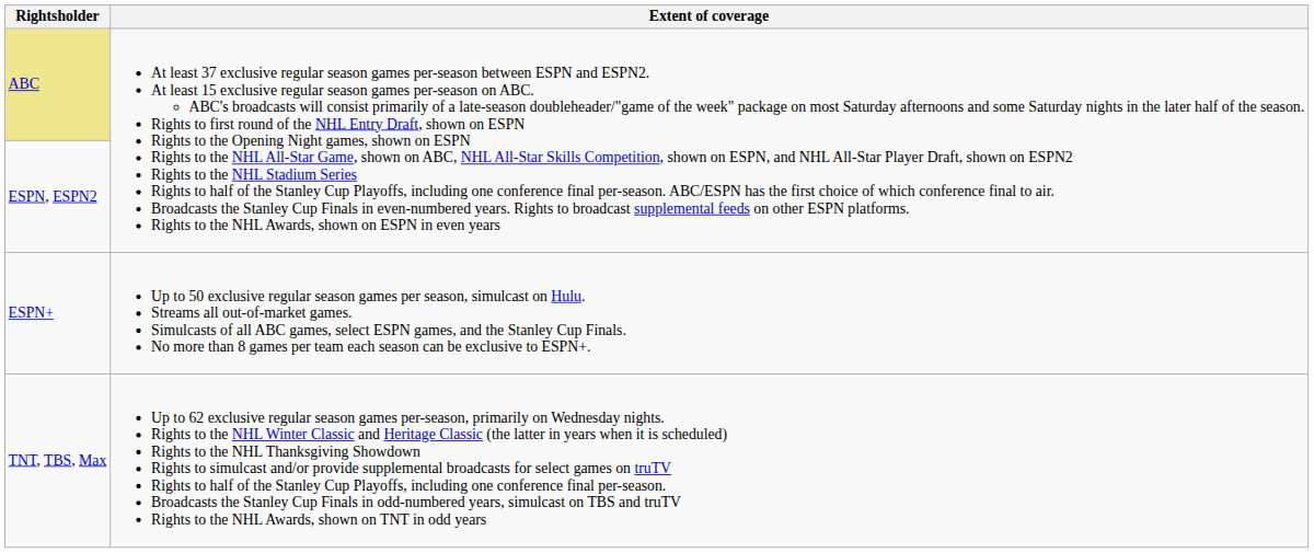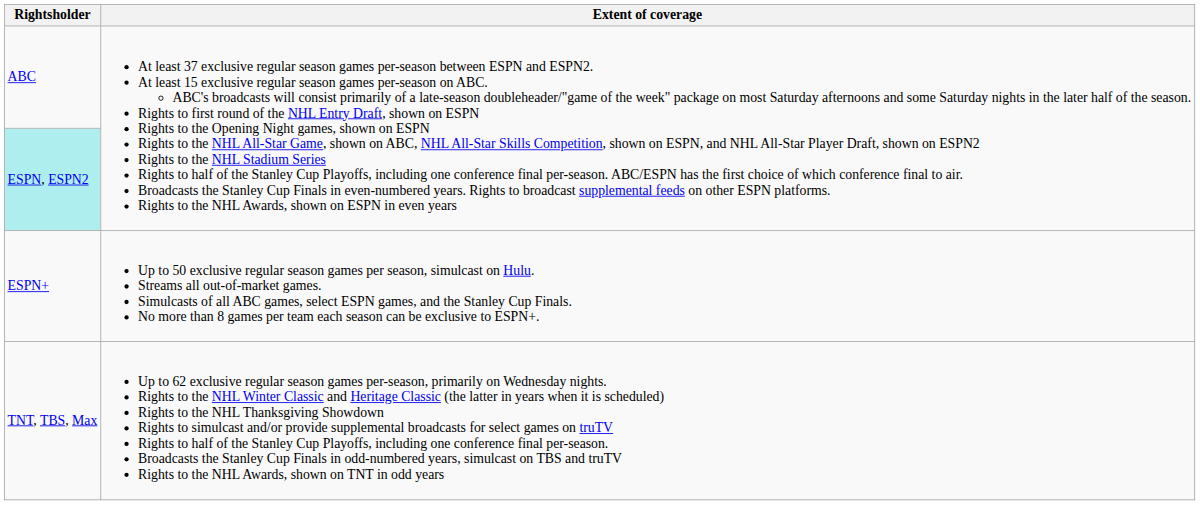 <table class="wikitable">
 <tr>
 <th>Rightsholder</th>
 <th>Extent of coverage</th>
 </tr>
 <tr>
-<td style="background: khaki;"><a href='#'>ABC</a></td>
+<td><a href='#'>ABC</a></td>
 <td rowspan="2"><br><ul><li>At least 37 exclusive regular season games per-season between ESPN and ESPN2.</li><li>At least 15 exclusive regular season games per-season on ABC.<ul><li>ABC's broadcasts will consist primarily of a late-season doubleheader/"game of the week" package on most Saturday afternoons and some Saturday nights in the later half of the season.</li></ul></li><li>Rights to first round of the <a href='#'>NHL Entry Draft</a>, shown on ESPN</li><li>Rights to the Opening Night games, shown on ESPN</li><li>Rights to the <a href='#'>NHL All-Star Game</a>, shown on ABC, <a href='#'>NHL All-Star Skills Competition</a>, shown on ESPN, and NHL All-Star Player Draft, shown on ESPN2</li><li>Rights to the <a href='#'>NHL Stadium Series</a></li><li>Rights to half of the Stanley Cup Playoffs, including one conference final per-season. ABC/ESPN has the first choice of which conference final to air.</li><li>Broadcasts the Stanley Cup Finals in even-numbered years. Rights to broadcast <a href='#'>supplemental feeds</a> on other ESPN platforms.</li><li>Rights to the NHL Awards, shown on ESPN in even years</li></ul></td>
 </tr>
 <tr>
-<td><a href='#'>ESPN</a>, <a href='#'>ESPN2</a></td>
+<td style="background: paleturquoise;"><a href='#'>ESPN</a>, <a href='#'>ESPN2</a></td>
 </tr>
 <tr>
 <td><a href='#'>ESPN+</a></td>
 <td><br><ul><li>Up to 50 exclusive regular season games per season, simulcast on <a href='#'>Hulu</a>.</li><li>Streams all out-of-market games.</li><li>Simulcasts of all ABC games, select ESPN games, and the Stanley Cup Finals.</li><li>No more than 8 games per team each season can be exclusive to ESPN+.</li></ul></td>
 </tr>
 <tr>
 <td><a href='#'>TNT</a>, <a href='#'>TBS</a>, <a href='#'>Max</a></td>
 <td><br><ul><li>Up to 62 exclusive regular season games per-season, primarily on Wednesday nights.</li><li>Rights to the <a href='#'>NHL Winter Classic</a> and <a href='#'>Heritage Classic</a> (the latter in years when it is scheduled)</li><li>Rights to the NHL Thanksgiving Showdown</li><li>Rights to simulcast and/or provide supplemental broadcasts for select games on <a href='#'>truTV</a></li><li>Rights to half of the Stanley Cup Playoffs, including one conference final per-season.</li><li>Broadcasts the Stanley Cup Finals in odd-numbered years, simulcast on TBS and truTV</li><li>Rights to the NHL Awards, shown on TNT in odd years</li></ul></td>
 </tr>
 </table>
